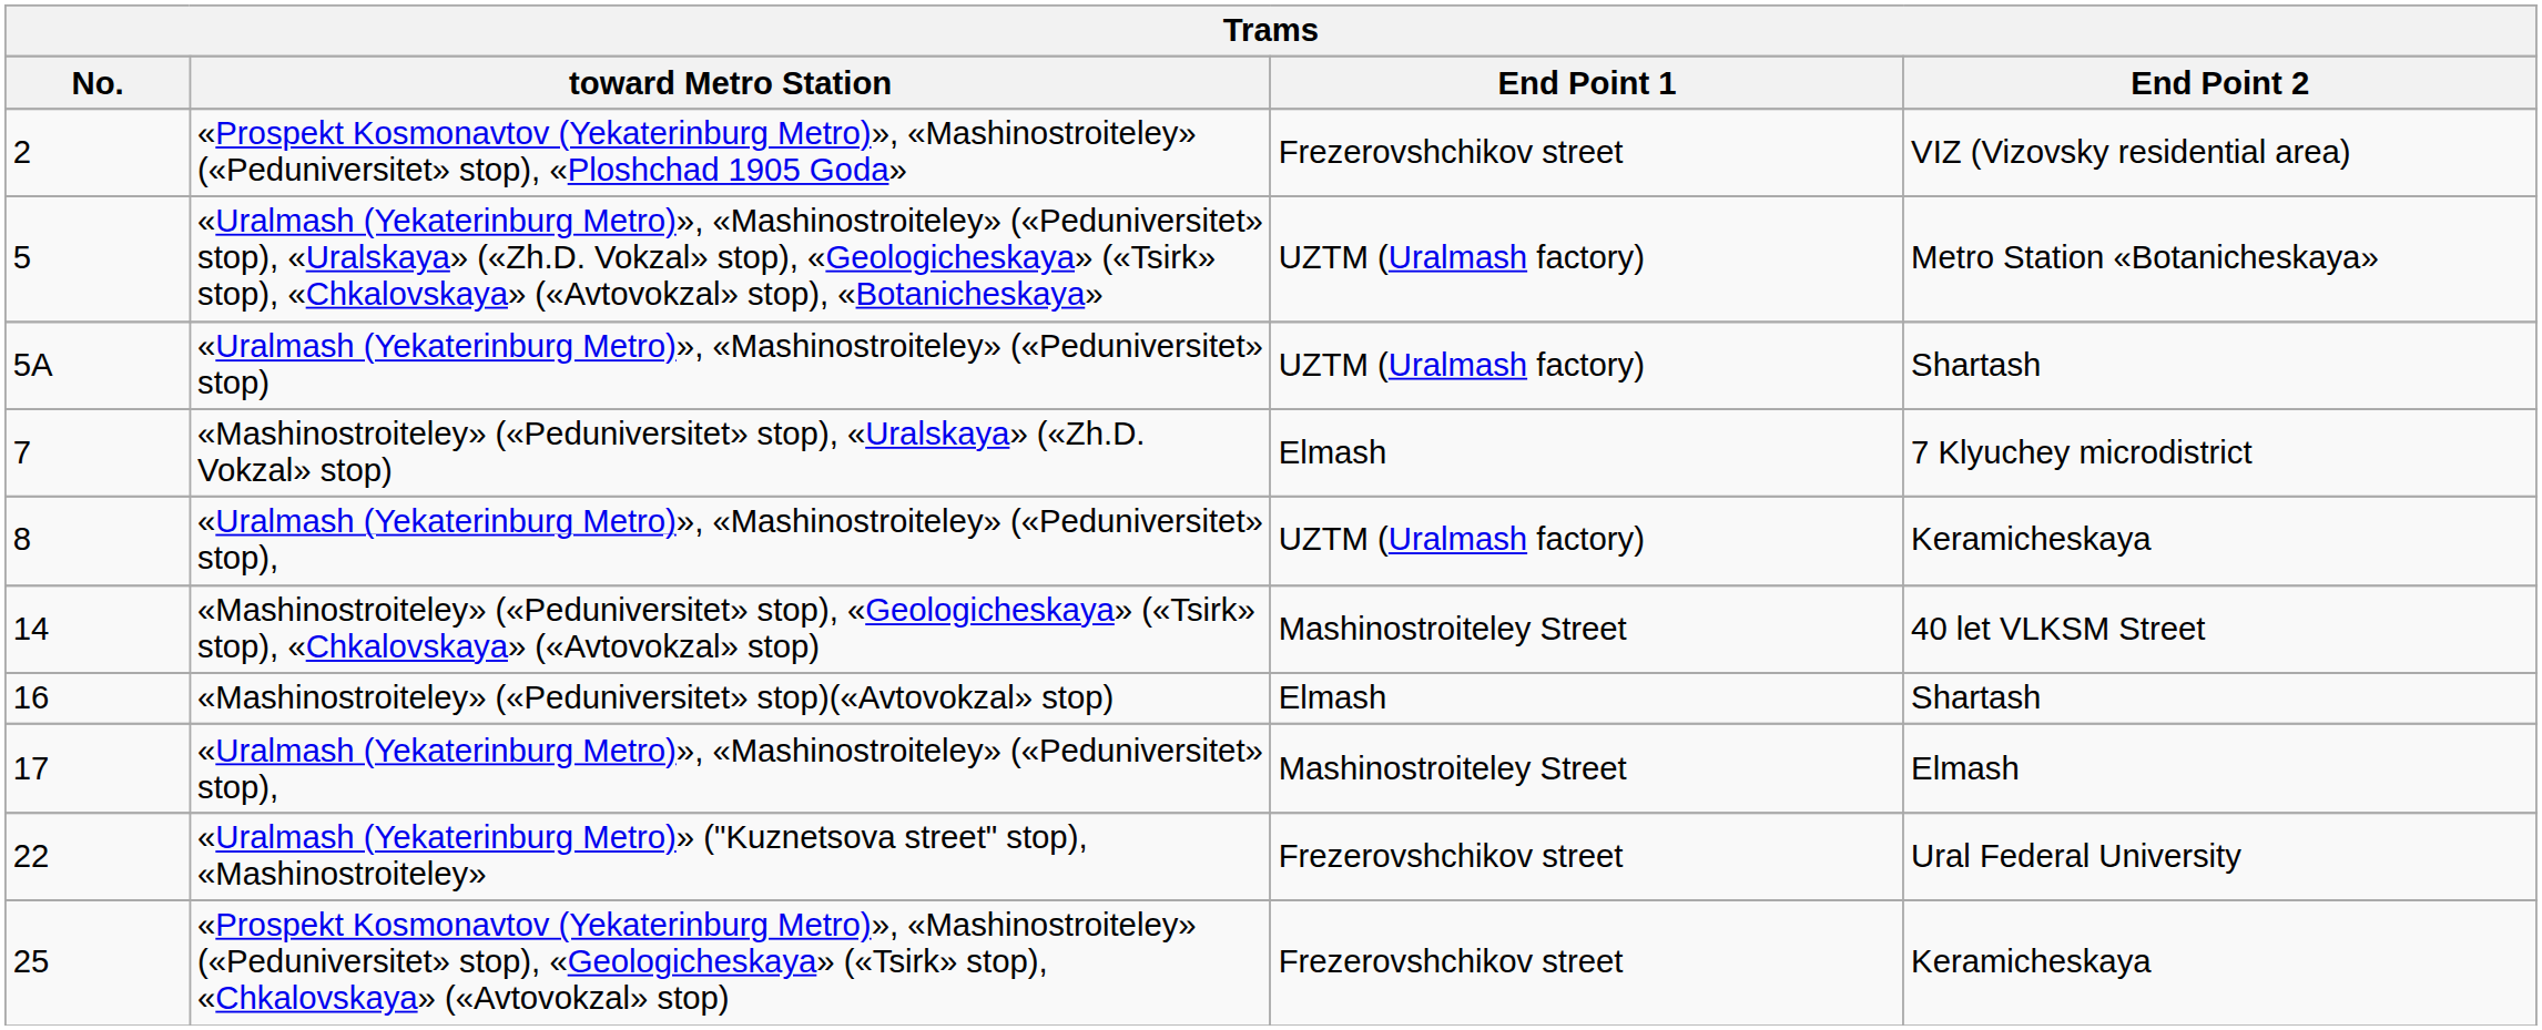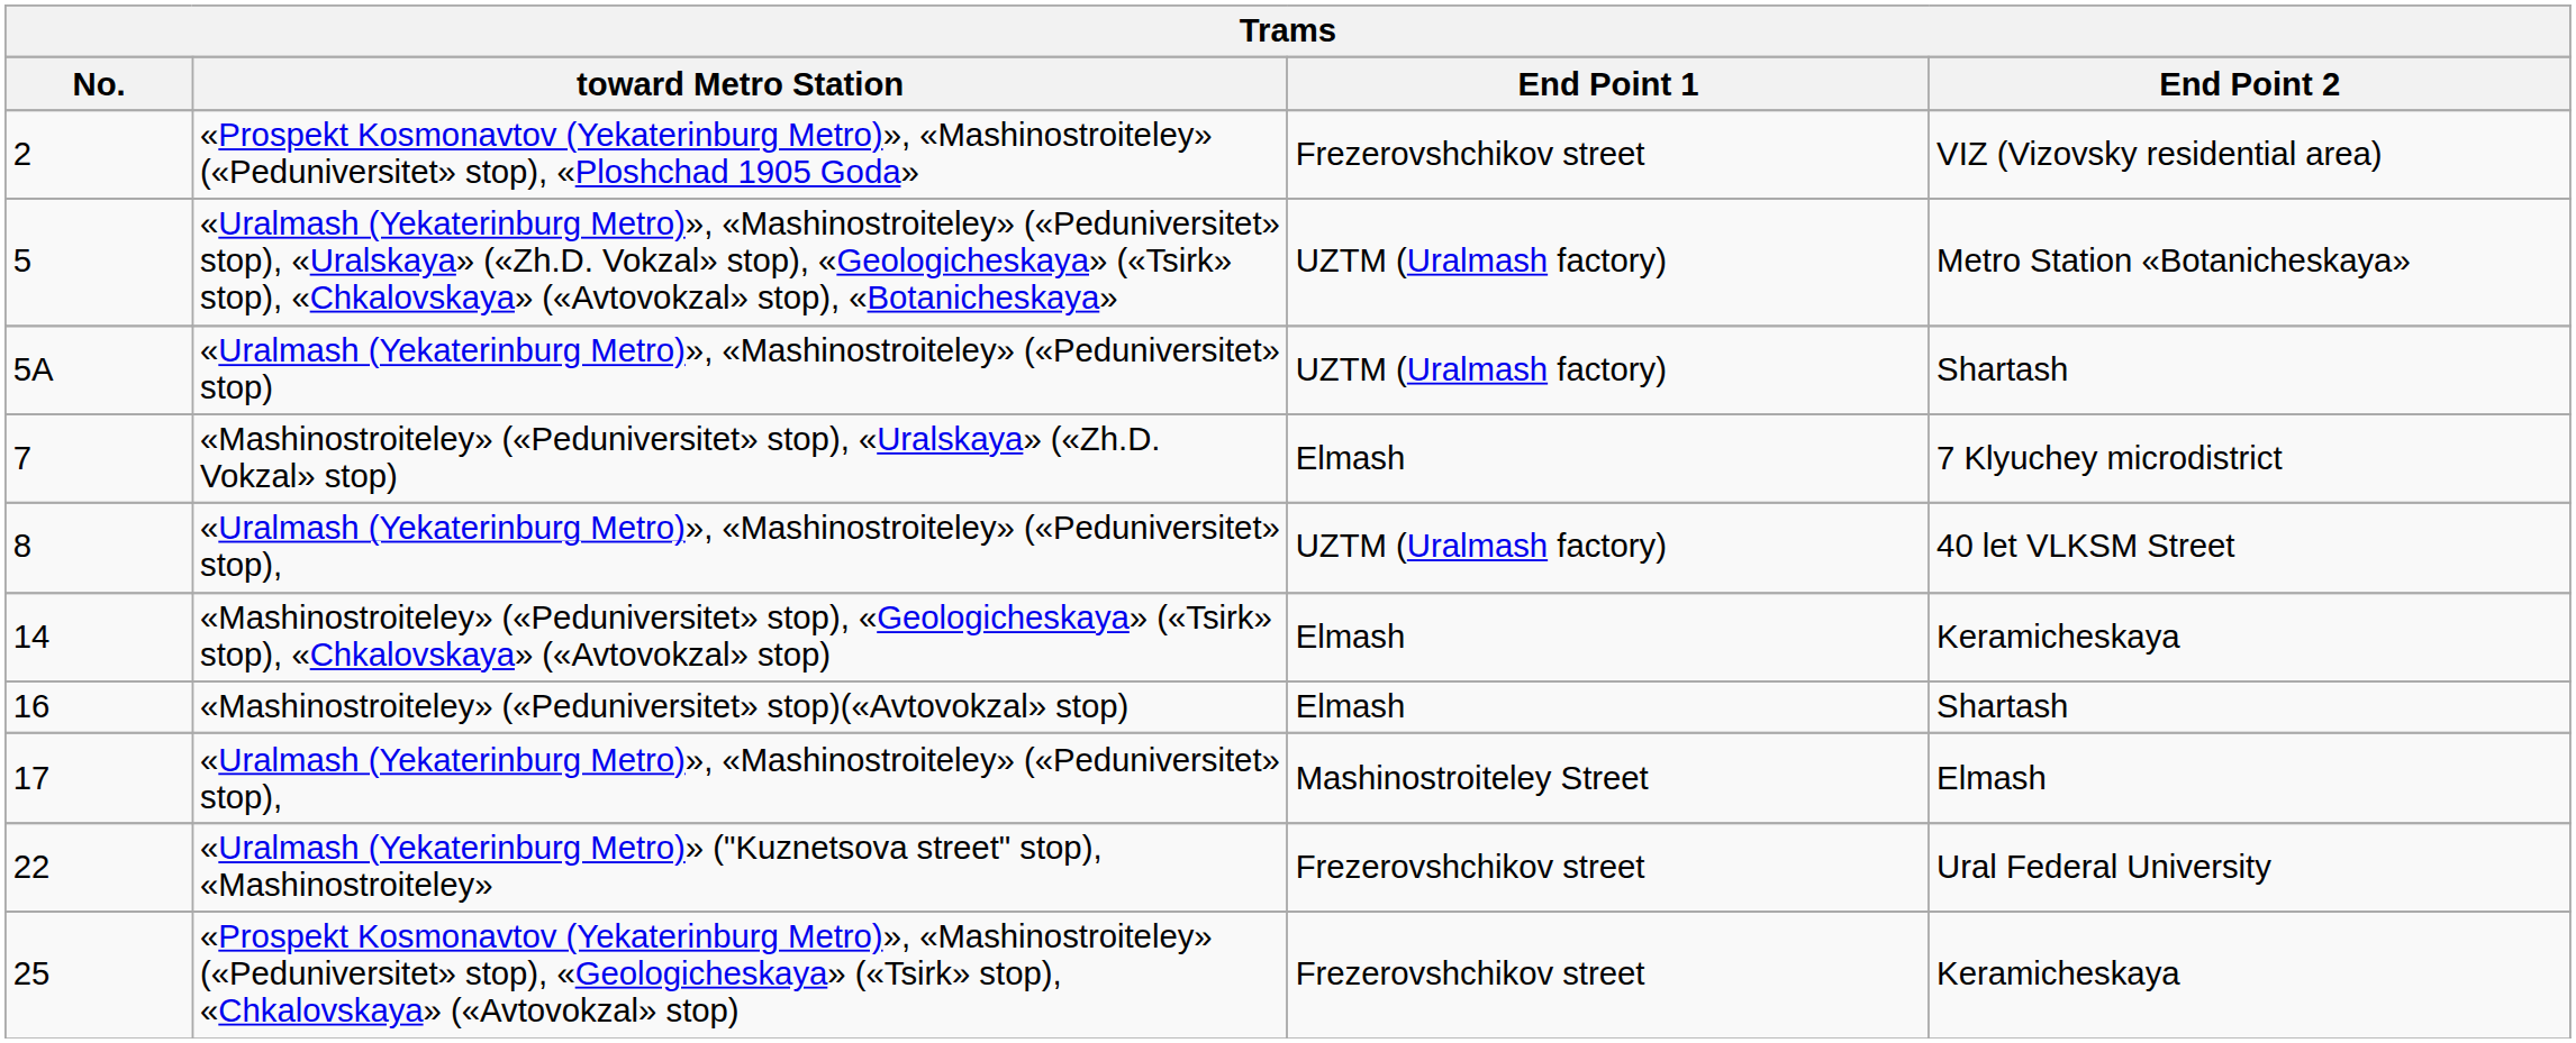 <table class="wikitable">
 <tr>
 <th colspan=4>Trams</th>
 </tr>
 <tr>
 </tr>
 <tr ---->
 <th width="7%">No.</th>
 <th width="41%">toward Metro Station</th>
 <th width="24%">End Point 1</th>
 <th width="24%">End Point 2</th>
 </tr>
 <tr>
 </tr>
 <tr ----align="center">
 <td>2</td>
 <td>«<a href='#'>Prospekt Kosmonavtov (Yekaterinburg Metro)</a>», «Mashinostroiteley» («Peduniversitet» stop), «<a href='#'>Ploshchad 1905 Goda</a>»</td>
 <td>Frezerovshchikov street</td>
 <td>VIZ (Vizovsky residential area)</td>
 </tr>
 <tr>
 </tr>
 <tr ----align="center">
 <td>5</td>
 <td>«<a href='#'>Uralmash (Yekaterinburg Metro)</a>», «Mashinostroiteley» («Peduniversitet» stop), «<a href='#'>Uralskaya</a>» («Zh.D. Vokzal» stop), «<a href='#'>Geologicheskaya</a>» («Tsirk» stop), «<a href='#'>Chkalovskaya</a>» («Avtovokzal» stop), «<a href='#'>Botanicheskaya</a>»</td>
 <td>UZTM (<a href='#'>Uralmash</a> factory)</td>
 <td>Metro Station «Botanicheskaya»</td>
 </tr>
 <tr>
 </tr>
 <tr ----align="center">
 <td>5А</td>
 <td>«<a href='#'>Uralmash (Yekaterinburg Metro)</a>», «Mashinostroiteley» («Peduniversitet» stop)</td>
 <td>UZTM (<a href='#'>Uralmash</a> factory)</td>
 <td>Shartash</td>
 </tr>
 <tr>
 </tr>
 <tr ----align="center">
 <td>7</td>
 <td>«Mashinostroiteley» («Peduniversitet» stop), «<a href='#'>Uralskaya</a>» («Zh.D. Vokzal» stop)</td>
 <td>Elmash</td>
 <td>7 Klyuchey microdistrict</td>
 </tr>
 <tr>
 </tr>
 <tr ----align="center">
 <td>8</td>
 <td>«<a href='#'>Uralmash (Yekaterinburg Metro)</a>», «Mashinostroiteley» («Peduniversitet» stop),</td>
 <td>UZTM (<a href='#'>Uralmash</a> factory)</td>
-<td>Keramicheskaya</td>
+<td>40 let VLKSM Street</td>
 </tr>
 <tr>
 </tr>
 <tr ----align="center">
 <td>14</td>
 <td>«Mashinostroiteley» («Peduniversitet» stop), «<a href='#'>Geologicheskaya</a>» («Tsirk» stop), «<a href='#'>Chkalovskaya</a>» («Avtovokzal» stop)</td>
-<td>Mashinostroiteley Street</td>
-<td>40 let VLKSM Street</td>
+<td>Elmash</td>
+<td>Keramicheskaya</td>
 </tr>
 <tr>
 </tr>
 <tr ----align="center">
 <td>16</td>
 <td>«Mashinostroiteley» («Peduniversitet» stop)(«Avtovokzal» stop)</td>
 <td>Elmash</td>
 <td>Shartash</td>
 </tr>
 <tr>
 </tr>
 <tr ----align="center">
 <td>17</td>
 <td>«<a href='#'>Uralmash (Yekaterinburg Metro)</a>», «Mashinostroiteley» («Peduniversitet» stop),</td>
 <td>Mashinostroiteley Street</td>
 <td>Elmash</td>
 </tr>
 <tr>
 </tr>
 <tr ----align="center">
 <td>22</td>
 <td>«<a href='#'>Uralmash (Yekaterinburg Metro)</a>» ("Kuznetsova street" stop), «Mashinostroiteley»</td>
 <td>Frezerovshchikov street</td>
 <td>Ural Federal University</td>
 </tr>
 <tr>
 </tr>
 <tr ----align="center">
 <td>25</td>
 <td>«<a href='#'>Prospekt Kosmonavtov (Yekaterinburg Metro)</a>», «Mashinostroiteley» («Peduniversitet» stop), «<a href='#'>Geologicheskaya</a>» («Tsirk» stop), «<a href='#'>Chkalovskaya</a>» («Avtovokzal» stop)</td>
 <td>Frezerovshchikov street</td>
 <td>Keramicheskaya</td>
 </tr>
 <tr>
 </tr>
 </table>
